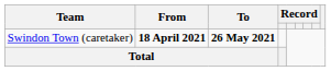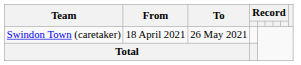 <table class=wikitable style=text-align:center>
 <tr>
 <th rowspan=2>Team</th>
 <th rowspan=2>From</th>
 <th rowspan=2>To</th>
 <th colspan=5>Record</th>
 <th rowspan=2></th>
 </tr>
 <tr>
 <th></th>
 <th></th>
 <th></th>
 <th></th>
 <th></th>
 </tr>
 <tr>
 <td align=left><a href='#'>Swindon Town</a> (caretaker)</td>
-<td align=left><strong>18 April 2021</strong></td>
-<td align=left><strong>26 May 2021<br></strong></td>
+<td align=left>18 April 2021</td>
+<td align=left>26 May 2021<br></td>
 <td></td>
 </tr>
 <tr>
 <th colspan=3>Total<br></th>
 <th></th>
 </tr>
 </table>
